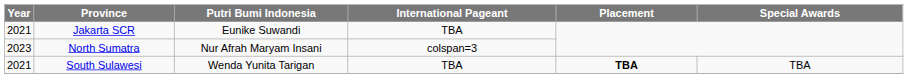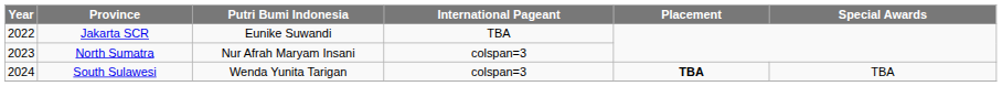 <table class="wikitable sortable" style="font-size: 95%; text-align:center">
 <tr>
 <th width="30" style="background-color:#787878;color:#FFFFFF;">Year</th>
 <th width="200" style="background-color:#787878;color:#FFFFFF;">Province</th>
 <th width="250" style="background-color:#787878;color:#FFFFFF;">Putri Bumi Indonesia</th>
 <th width="300" style="background-color:#787878;color:#FFFFFF;">International Pageant</th>
 <th width="200" style="background-color:#787878;color:#FFFFFF;">Placement</th>
 <th width="300" style="background-color:#787878;color:#FFFFFF;">Special Awards</th>
 </tr>
 <tr>
-<td>2021</td>
+<td>2022</td>
 <td><a href='#'>Jakarta SCR</a></td>
 <td>Eunike Suwandi</td>
 <td>TBA</td>
 </tr>
 <tr>
 <td>2023</td>
 <td><a href='#'>North Sumatra</a></td>
 <td>Nur Afrah Maryam Insani</td>
 <td>colspan=3 </td>
 </tr>
 <tr>
-<td>2021</td>
+<td>2024</td>
 <td><a href='#'>South Sulawesi</a></td>
 <td>Wenda Yunita Tarigan</td>
-<td>TBA</td>
+<td>colspan=3 </td>
 <td><strong>TBA</strong></td>
 <td>TBA</td>
 </tr>
 <tr>
 </tr>
 </table>
